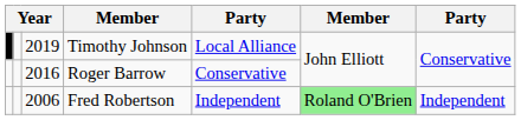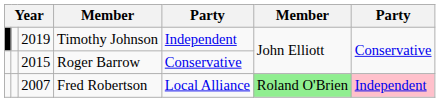 <table class="wikitable">
 <tr>
 <th colspan="3">Year</th>
 <th>Member</th>
 <th>Party</th>
 <th>Member</th>
 <th>Party</th>
 </tr>
 <tr>
 <td style="background-color:#000000"></td>
 <td style="background-color: "></td>
 <td>2019</td>
 <td>Timothy Johnson</td>
-<td><a href='#'>Local Alliance</a></td>
+<td><a href='#'>Independent</a></td>
 <td rowspan="2">John Elliott</td>
 <td rowspan="2"><a href='#'>Conservative</a></td>
 </tr>
 <tr>
 <td style="background-color: "></td>
 <td style="background-color: "></td>
-<td>2016</td>
+<td>2015</td>
 <td>Roger Barrow</td>
 <td><a href='#'>Conservative</a></td>
 </tr>
 <tr>
 <td style="background-color: "></td>
 <td style="background-color: "></td>
-<td>2006</td>
+<td>2007</td>
 <td>Fred Robertson</td>
-<td><a href='#'>Independent</a></td>
+<td><a href='#'>Local Alliance</a></td>
 <td style="background: lightgreen;">Roland O'Brien</td>
-<td><a href='#'>Independent</a></td>
+<td style="background: pink;"><a href='#'>Independent</a></td>
 </tr>
 </table>
